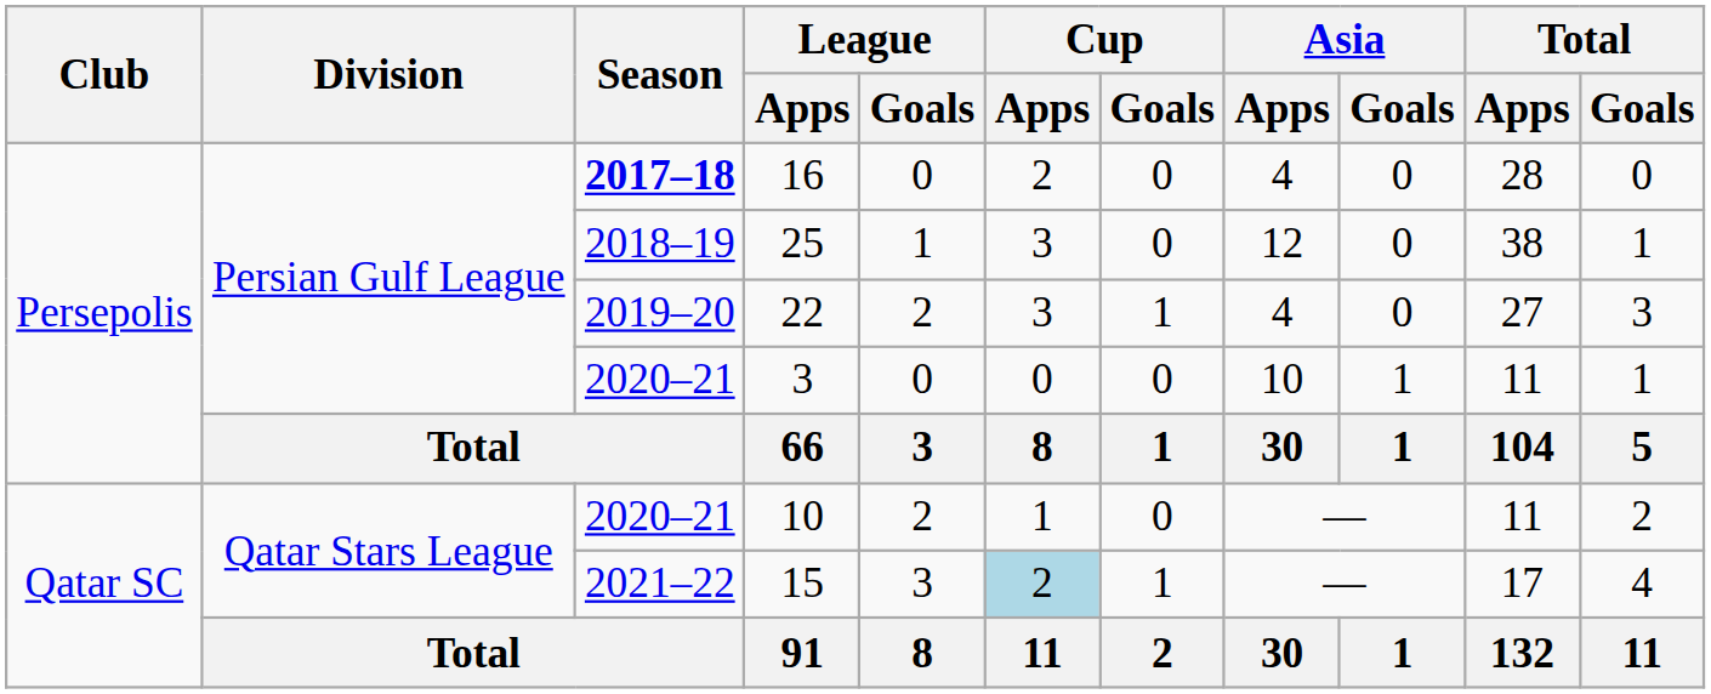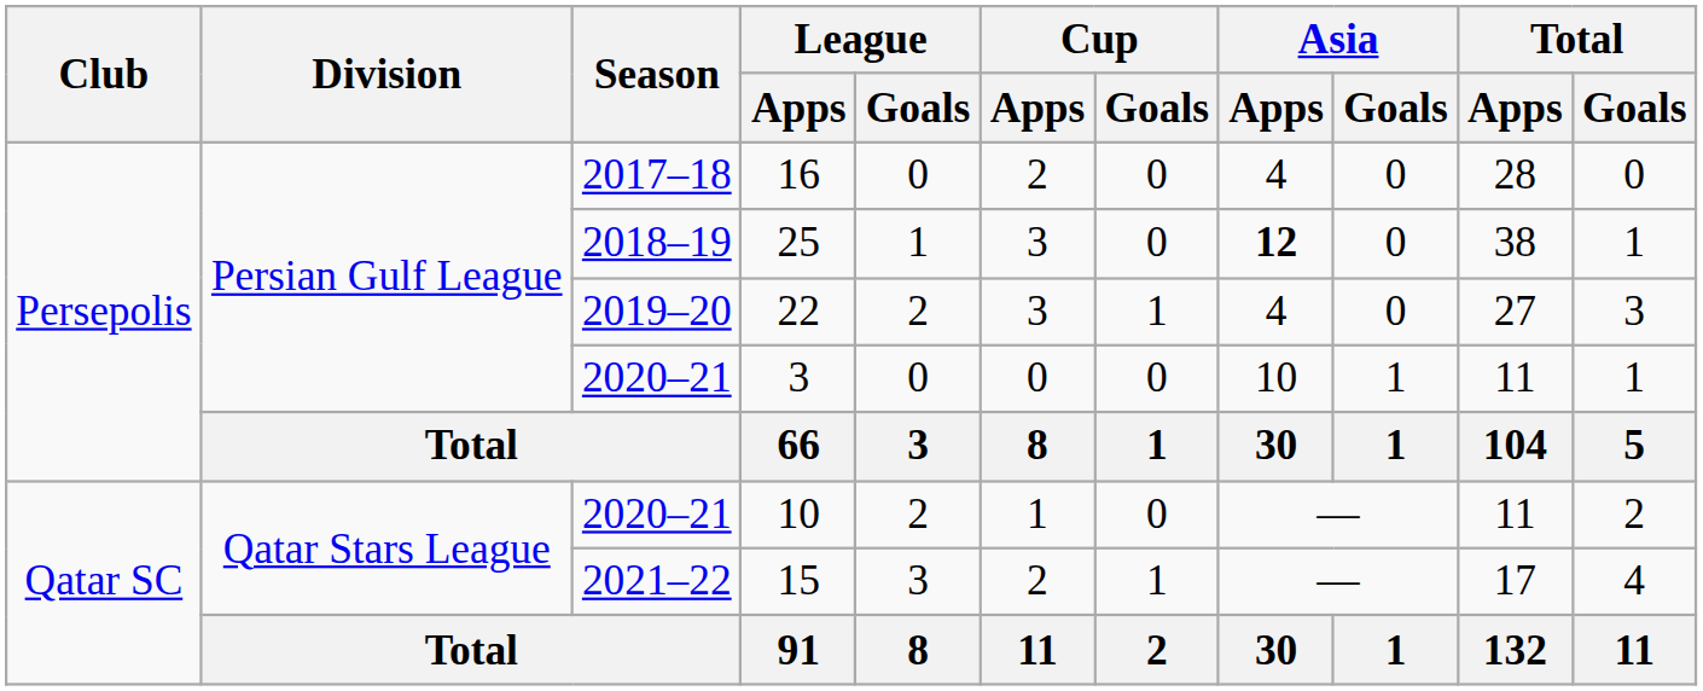 <table class="wikitable" style="text-align: center;">
 <tr>
 <th rowspan="2">Club</th>
 <th rowspan="2">Division</th>
 <th rowspan="2">Season</th>
 <th colspan="2">League</th>
 <th colspan="2">Cup</th>
 <th colspan="2"><a href='#'>Asia</a></th>
 <th colspan="2">Total</th>
 </tr>
 <tr>
 <th>Apps</th>
 <th>Goals</th>
 <th>Apps</th>
 <th>Goals</th>
 <th>Apps</th>
 <th>Goals</th>
 <th>Apps</th>
 <th>Goals</th>
 </tr>
 <tr>
 <td rowspan="5"><a href='#'>Persepolis</a></td>
 <td rowspan="4"><a href='#'>Persian Gulf League</a></td>
-<td><strong><a href='#'>2017–18</a></strong></td>
+<td><a href='#'>2017–18</a></td>
 <td>16</td>
 <td>0</td>
 <td>2</td>
 <td>0</td>
 <td>4</td>
 <td>0</td>
 <td>28</td>
 <td>0</td>
 </tr>
 <tr>
 <td><a href='#'>2018–19</a></td>
 <td>25</td>
 <td>1</td>
 <td>3</td>
 <td>0</td>
-<td>12</td>
+<td><strong>12</strong></td>
 <td>0</td>
 <td>38</td>
 <td>1</td>
 </tr>
 <tr>
 <td><a href='#'>2019–20</a></td>
 <td>22</td>
 <td>2</td>
 <td>3</td>
 <td>1</td>
 <td>4</td>
 <td>0</td>
 <td>27</td>
 <td>3</td>
 </tr>
 <tr>
 <td><a href='#'>2020–21</a></td>
 <td>3</td>
 <td>0</td>
 <td>0</td>
 <td>0</td>
 <td>10</td>
 <td>1</td>
 <td>11</td>
 <td>1</td>
 </tr>
 <tr>
 <th colspan="2">Total</th>
 <th>66</th>
 <th>3</th>
 <th>8</th>
 <th>1</th>
 <th>30</th>
 <th>1</th>
 <th>104</th>
 <th>5</th>
 </tr>
 <tr>
 <td rowspan="3"><a href='#'>Qatar SC</a></td>
 <td rowspan="2"><a href='#'>Qatar Stars League</a></td>
 <td><a href='#'>2020–21</a></td>
 <td>10</td>
 <td>2</td>
 <td>1</td>
 <td>0</td>
 <td colspan=2>—</td>
 <td>11</td>
 <td>2</td>
 </tr>
 <tr>
 <td><a href='#'>2021–22</a></td>
 <td>15</td>
 <td>3</td>
-<td style="background: lightblue;">2</td>
+<td>2</td>
 <td>1</td>
 <td colspan=2>—</td>
 <td>17</td>
 <td>4</td>
 </tr>
 <tr>
 <th colspan=2>Total</th>
 <th>91</th>
 <th>8</th>
 <th>11</th>
 <th>2</th>
 <th>30</th>
 <th>1</th>
 <th>132</th>
 <th>11</th>
 </tr>
 </table>
